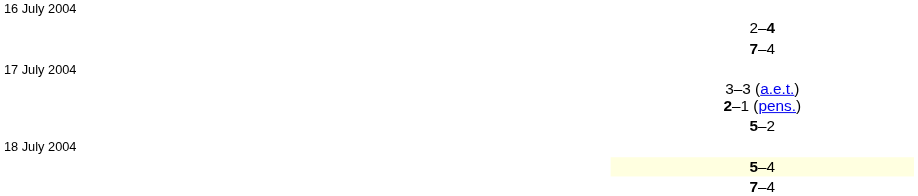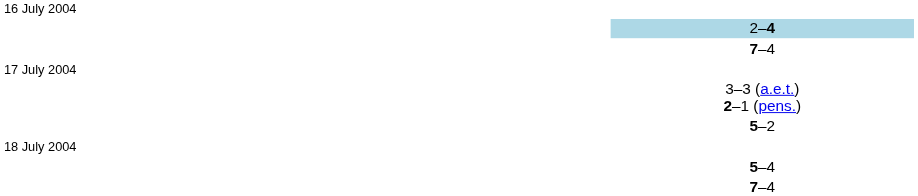 <table width=100% cellspacing=1>
 <tr>
 <th width=40%></th>
 <th width=20%></th>
 <th></th>
 </tr>
 <tr>
 <td><small>16 July 2004</small></td>
 </tr>
 <tr>
 <td align=right></td>
-<td align=center>2–<strong>4</strong></td>
+<td align=center style="background: lightblue;">2–<strong>4</strong></td>
 <td><strong></strong></td>
 </tr>
 <tr>
 <td align=right><strong></strong></td>
 <td align=center><strong>7</strong>–4</td>
 <td></td>
 </tr>
 <tr>
 <td><small>17 July 2004</small></td>
 </tr>
 <tr>
 <td align=right><strong></strong></td>
 <td align=center>3–3 (<a href='#'>a.e.t.</a>)<br><strong>2</strong>–1 (<a href='#'>pens.</a>)</td>
 <td></td>
 </tr>
 <tr>
 <td align=right><strong></strong></td>
 <td align=center><strong>5</strong>–2</td>
 <td></td>
 </tr>
 <tr>
 <td><small>18 July 2004</small></td>
 </tr>
 <tr>
 <td align=right><strong></strong></td>
-<td align=center style="background: lightyellow;"><strong>5</strong>–4</td>
+<td align=center><strong>5</strong>–4</td>
 <td></td>
 </tr>
 <tr>
 <td align=right><strong></strong></td>
 <td align=center><strong>7</strong>–4</td>
 <td></td>
 </tr>
 </table>
